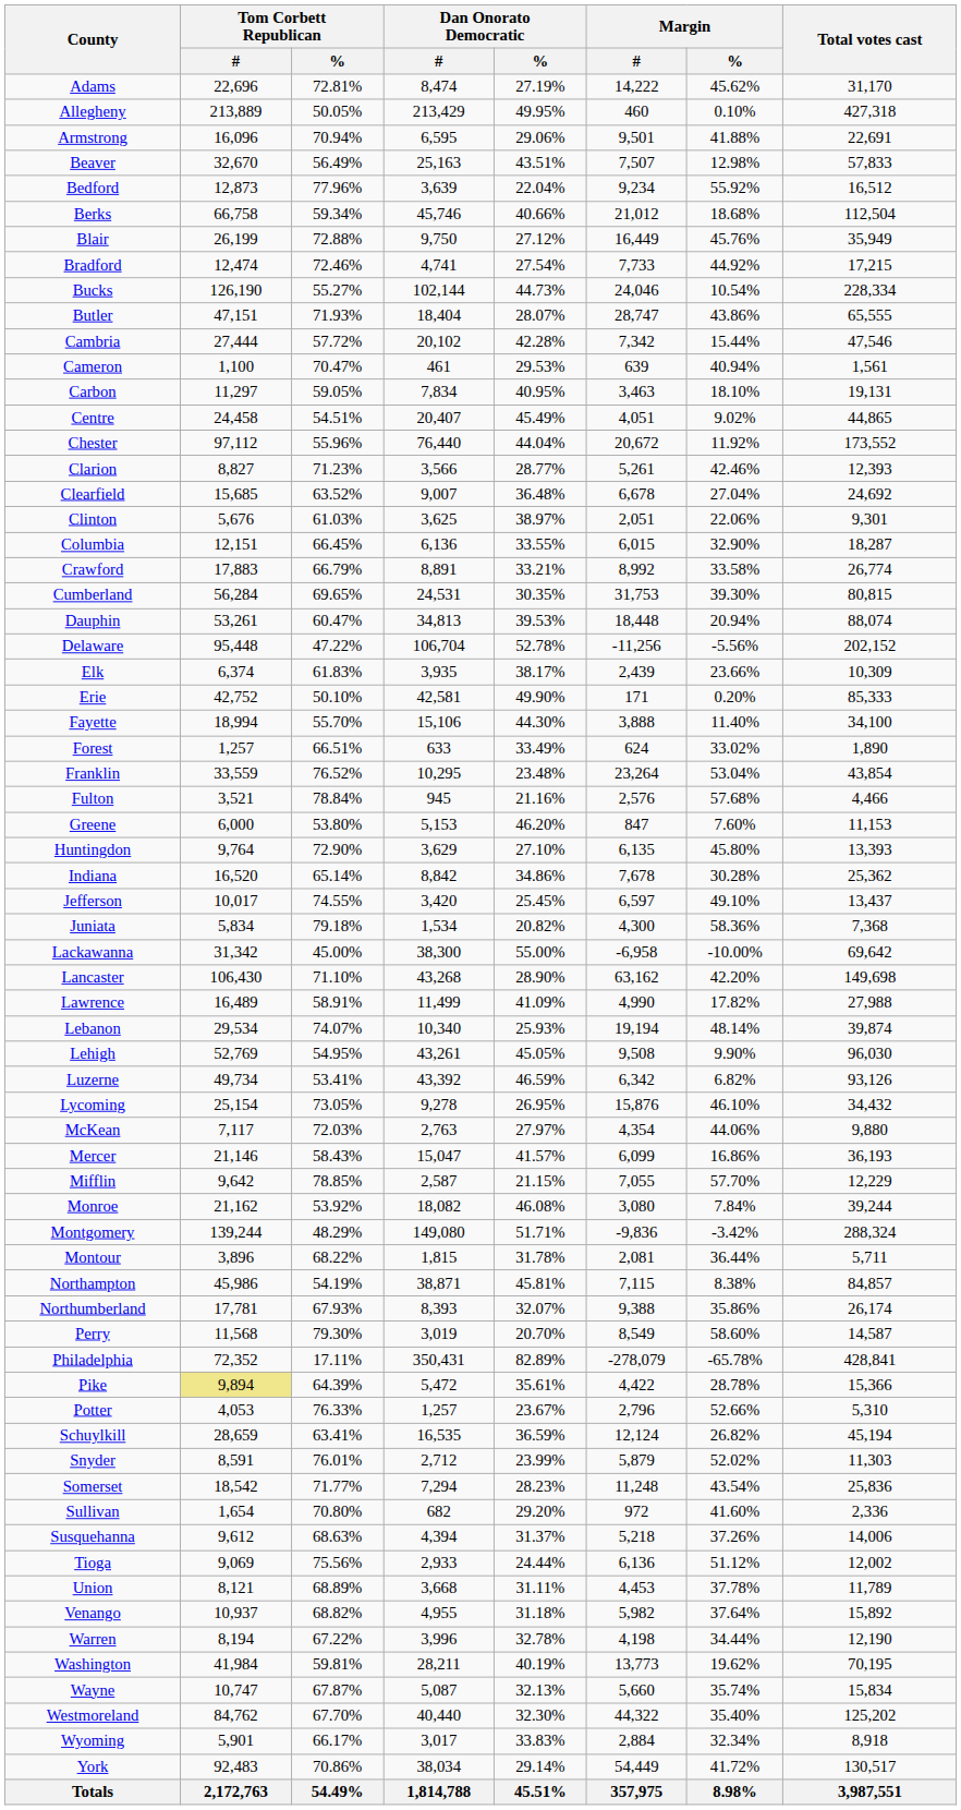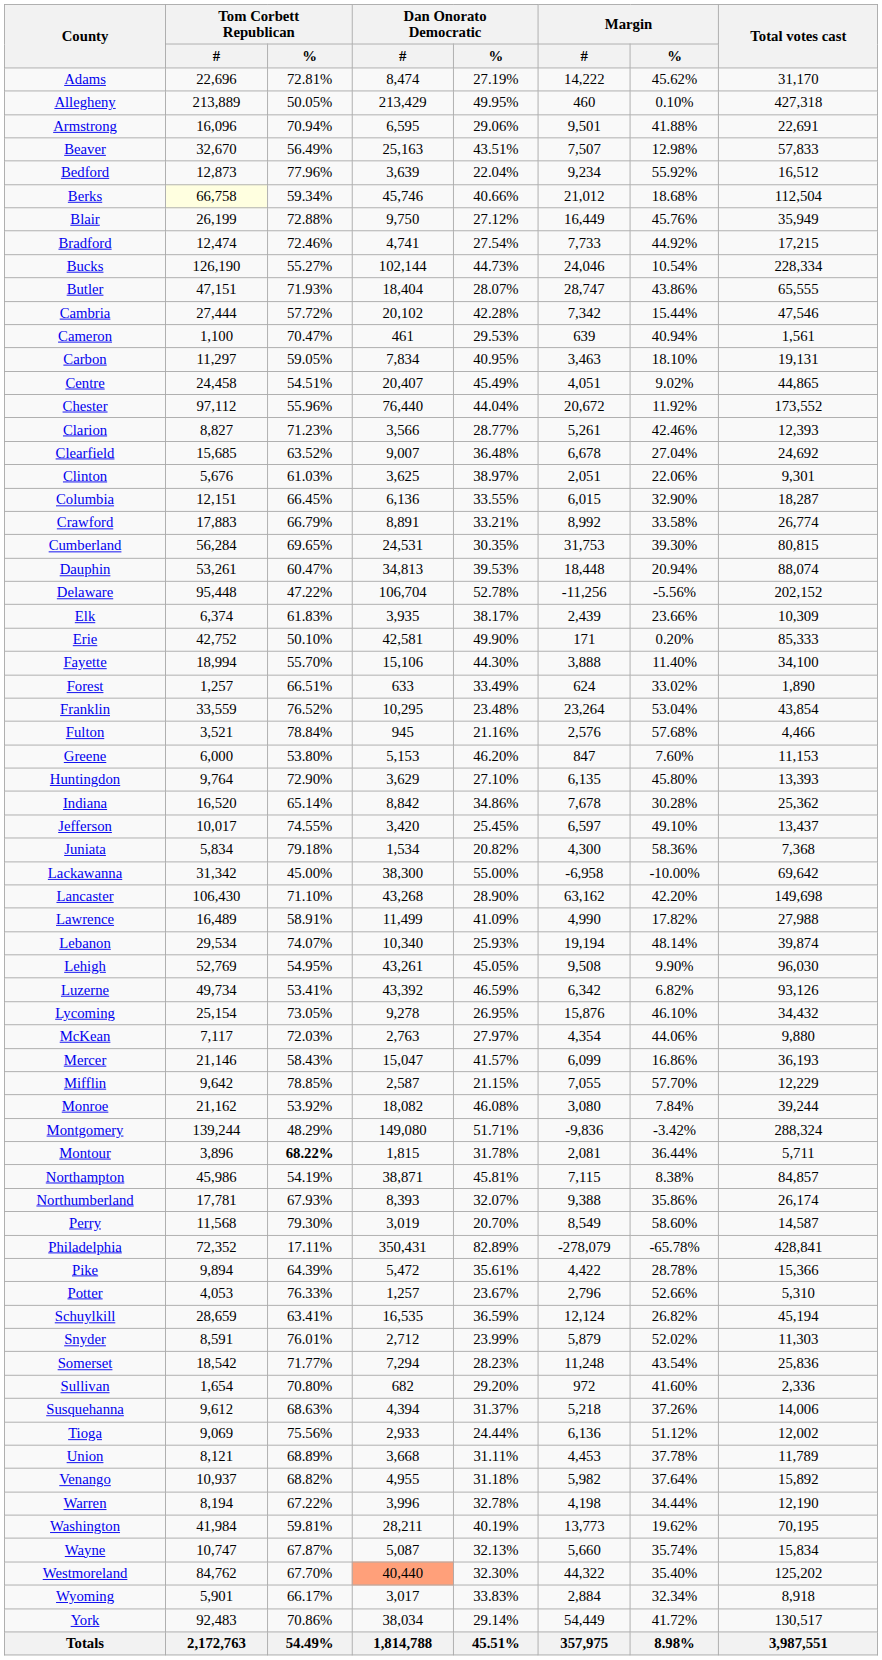 <table width="60%"  class="wikitable sortable" style="text-align:center">
 <tr>
 <th style="text-align:center;" rowspan="2">County</th>
 <th style="text-align:center;" colspan="2">Tom Corbett<br>Republican</th>
 <th style="text-align:center;" colspan="2">Dan Onorato<br>Democratic</th>
 <th style="text-align:center;" colspan="2">Margin</th>
 <th style="text-align:center;" rowspan="2">Total votes cast</th>
 </tr>
 <tr>
 <th style="text-align:center;" data-sort-type="number">#</th>
 <th style="text-align:center;" data-sort-type="number">%</th>
 <th style="text-align:center;" data-sort-type="number">#</th>
 <th style="text-align:center;" data-sort-type="number">%</th>
 <th style="text-align:center;" data-sort-type="number">#</th>
 <th style="text-align:center;" data-sort-type="number">%</th>
 </tr>
 <tr style="text-align:center;">
 <td><a href='#'>Adams</a></td>
 <td>22,696</td>
 <td>72.81%</td>
 <td>8,474</td>
 <td>27.19%</td>
 <td>14,222</td>
 <td>45.62%</td>
 <td>31,170</td>
 </tr>
 <tr style="text-align:center;">
 <td><a href='#'>Allegheny</a></td>
 <td>213,889</td>
 <td>50.05%</td>
 <td>213,429</td>
 <td>49.95%</td>
 <td>460</td>
 <td>0.10%</td>
 <td>427,318</td>
 </tr>
 <tr style="text-align:center;">
 <td><a href='#'>Armstrong</a></td>
 <td>16,096</td>
 <td>70.94%</td>
 <td>6,595</td>
 <td>29.06%</td>
 <td>9,501</td>
 <td>41.88%</td>
 <td>22,691</td>
 </tr>
 <tr style="text-align:center;">
 <td><a href='#'>Beaver</a></td>
 <td>32,670</td>
 <td>56.49%</td>
 <td>25,163</td>
 <td>43.51%</td>
 <td>7,507</td>
 <td>12.98%</td>
 <td>57,833</td>
 </tr>
 <tr style="text-align:center;">
 <td><a href='#'>Bedford</a></td>
 <td>12,873</td>
 <td>77.96%</td>
 <td>3,639</td>
 <td>22.04%</td>
 <td>9,234</td>
 <td>55.92%</td>
 <td>16,512</td>
 </tr>
 <tr style="text-align:center;">
 <td><a href='#'>Berks</a></td>
-<td>66,758</td>
+<td style="background: lightyellow;">66,758</td>
 <td>59.34%</td>
 <td>45,746</td>
 <td>40.66%</td>
 <td>21,012</td>
 <td>18.68%</td>
 <td>112,504</td>
 </tr>
 <tr style="text-align:center;">
 <td><a href='#'>Blair</a></td>
 <td>26,199</td>
 <td>72.88%</td>
 <td>9,750</td>
 <td>27.12%</td>
 <td>16,449</td>
 <td>45.76%</td>
 <td>35,949</td>
 </tr>
 <tr style="text-align:center;">
 <td><a href='#'>Bradford</a></td>
 <td>12,474</td>
 <td>72.46%</td>
 <td>4,741</td>
 <td>27.54%</td>
 <td>7,733</td>
 <td>44.92%</td>
 <td>17,215</td>
 </tr>
 <tr style="text-align:center;">
 <td><a href='#'>Bucks</a></td>
 <td>126,190</td>
 <td>55.27%</td>
 <td>102,144</td>
 <td>44.73%</td>
 <td>24,046</td>
 <td>10.54%</td>
 <td>228,334</td>
 </tr>
 <tr style="text-align:center;">
 <td><a href='#'>Butler</a></td>
 <td>47,151</td>
 <td>71.93%</td>
 <td>18,404</td>
 <td>28.07%</td>
 <td>28,747</td>
 <td>43.86%</td>
 <td>65,555</td>
 </tr>
 <tr style="text-align:center;">
 <td><a href='#'>Cambria</a></td>
 <td>27,444</td>
 <td>57.72%</td>
 <td>20,102</td>
 <td>42.28%</td>
 <td>7,342</td>
 <td>15.44%</td>
 <td>47,546</td>
 </tr>
 <tr style="text-align:center;">
 <td><a href='#'>Cameron</a></td>
 <td>1,100</td>
 <td>70.47%</td>
 <td>461</td>
 <td>29.53%</td>
 <td>639</td>
 <td>40.94%</td>
 <td>1,561</td>
 </tr>
 <tr style="text-align:center;">
 <td><a href='#'>Carbon</a></td>
 <td>11,297</td>
 <td>59.05%</td>
 <td>7,834</td>
 <td>40.95%</td>
 <td>3,463</td>
 <td>18.10%</td>
 <td>19,131</td>
 </tr>
 <tr style="text-align:center;">
 <td><a href='#'>Centre</a></td>
 <td>24,458</td>
 <td>54.51%</td>
 <td>20,407</td>
 <td>45.49%</td>
 <td>4,051</td>
 <td>9.02%</td>
 <td>44,865</td>
 </tr>
 <tr style="text-align:center;">
 <td><a href='#'>Chester</a></td>
 <td>97,112</td>
 <td>55.96%</td>
 <td>76,440</td>
 <td>44.04%</td>
 <td>20,672</td>
 <td>11.92%</td>
 <td>173,552</td>
 </tr>
 <tr style="text-align:center;">
 <td><a href='#'>Clarion</a></td>
 <td>8,827</td>
 <td>71.23%</td>
 <td>3,566</td>
 <td>28.77%</td>
 <td>5,261</td>
 <td>42.46%</td>
 <td>12,393</td>
 </tr>
 <tr style="text-align:center;">
 <td><a href='#'>Clearfield</a></td>
 <td>15,685</td>
 <td>63.52%</td>
 <td>9,007</td>
 <td>36.48%</td>
 <td>6,678</td>
 <td>27.04%</td>
 <td>24,692</td>
 </tr>
 <tr style="text-align:center;">
 <td><a href='#'>Clinton</a></td>
 <td>5,676</td>
 <td>61.03%</td>
 <td>3,625</td>
 <td>38.97%</td>
 <td>2,051</td>
 <td>22.06%</td>
 <td>9,301</td>
 </tr>
 <tr style="text-align:center;">
 <td><a href='#'>Columbia</a></td>
 <td>12,151</td>
 <td>66.45%</td>
 <td>6,136</td>
 <td>33.55%</td>
 <td>6,015</td>
 <td>32.90%</td>
 <td>18,287</td>
 </tr>
 <tr style="text-align:center;">
 <td><a href='#'>Crawford</a></td>
 <td>17,883</td>
 <td>66.79%</td>
 <td>8,891</td>
 <td>33.21%</td>
 <td>8,992</td>
 <td>33.58%</td>
 <td>26,774</td>
 </tr>
 <tr style="text-align:center;">
 <td><a href='#'>Cumberland</a></td>
 <td>56,284</td>
 <td>69.65%</td>
 <td>24,531</td>
 <td>30.35%</td>
 <td>31,753</td>
 <td>39.30%</td>
 <td>80,815</td>
 </tr>
 <tr style="text-align:center;">
 <td><a href='#'>Dauphin</a></td>
 <td>53,261</td>
 <td>60.47%</td>
 <td>34,813</td>
 <td>39.53%</td>
 <td>18,448</td>
 <td>20.94%</td>
 <td>88,074</td>
 </tr>
 <tr style="text-align:center;">
 <td><a href='#'>Delaware</a></td>
 <td>95,448</td>
 <td>47.22%</td>
 <td>106,704</td>
 <td>52.78%</td>
 <td>-11,256</td>
 <td>-5.56%</td>
 <td>202,152</td>
 </tr>
 <tr style="text-align:center;">
 <td><a href='#'>Elk</a></td>
 <td>6,374</td>
 <td>61.83%</td>
 <td>3,935</td>
 <td>38.17%</td>
 <td>2,439</td>
 <td>23.66%</td>
 <td>10,309</td>
 </tr>
 <tr style="text-align:center;">
 <td><a href='#'>Erie</a></td>
 <td>42,752</td>
 <td>50.10%</td>
 <td>42,581</td>
 <td>49.90%</td>
 <td>171</td>
 <td>0.20%</td>
 <td>85,333</td>
 </tr>
 <tr style="text-align:center;">
 <td><a href='#'>Fayette</a></td>
 <td>18,994</td>
 <td>55.70%</td>
 <td>15,106</td>
 <td>44.30%</td>
 <td>3,888</td>
 <td>11.40%</td>
 <td>34,100</td>
 </tr>
 <tr style="text-align:center;">
 <td><a href='#'>Forest</a></td>
 <td>1,257</td>
 <td>66.51%</td>
 <td>633</td>
 <td>33.49%</td>
 <td>624</td>
 <td>33.02%</td>
 <td>1,890</td>
 </tr>
 <tr style="text-align:center;">
 <td><a href='#'>Franklin</a></td>
 <td>33,559</td>
 <td>76.52%</td>
 <td>10,295</td>
 <td>23.48%</td>
 <td>23,264</td>
 <td>53.04%</td>
 <td>43,854</td>
 </tr>
 <tr style="text-align:center;">
 <td><a href='#'>Fulton</a></td>
 <td>3,521</td>
 <td>78.84%</td>
 <td>945</td>
 <td>21.16%</td>
 <td>2,576</td>
 <td>57.68%</td>
 <td>4,466</td>
 </tr>
 <tr style="text-align:center;">
 <td><a href='#'>Greene</a></td>
 <td>6,000</td>
 <td>53.80%</td>
 <td>5,153</td>
 <td>46.20%</td>
 <td>847</td>
 <td>7.60%</td>
 <td>11,153</td>
 </tr>
 <tr style="text-align:center;">
 <td><a href='#'>Huntingdon</a></td>
 <td>9,764</td>
 <td>72.90%</td>
 <td>3,629</td>
 <td>27.10%</td>
 <td>6,135</td>
 <td>45.80%</td>
 <td>13,393</td>
 </tr>
 <tr style="text-align:center;">
 <td><a href='#'>Indiana</a></td>
 <td>16,520</td>
 <td>65.14%</td>
 <td>8,842</td>
 <td>34.86%</td>
 <td>7,678</td>
 <td>30.28%</td>
 <td>25,362</td>
 </tr>
 <tr style="text-align:center;">
 <td><a href='#'>Jefferson</a></td>
 <td>10,017</td>
 <td>74.55%</td>
 <td>3,420</td>
 <td>25.45%</td>
 <td>6,597</td>
 <td>49.10%</td>
 <td>13,437</td>
 </tr>
 <tr style="text-align:center;">
 <td><a href='#'>Juniata</a></td>
 <td>5,834</td>
 <td>79.18%</td>
 <td>1,534</td>
 <td>20.82%</td>
 <td>4,300</td>
 <td>58.36%</td>
 <td>7,368</td>
 </tr>
 <tr style="text-align:center;">
 <td><a href='#'>Lackawanna</a></td>
 <td>31,342</td>
 <td>45.00%</td>
 <td>38,300</td>
 <td>55.00%</td>
 <td>-6,958</td>
 <td>-10.00%</td>
 <td>69,642</td>
 </tr>
 <tr style="text-align:center;">
 <td><a href='#'>Lancaster</a></td>
 <td>106,430</td>
 <td>71.10%</td>
 <td>43,268</td>
 <td>28.90%</td>
 <td>63,162</td>
 <td>42.20%</td>
 <td>149,698</td>
 </tr>
 <tr style="text-align:center;">
 <td><a href='#'>Lawrence</a></td>
 <td>16,489</td>
 <td>58.91%</td>
 <td>11,499</td>
 <td>41.09%</td>
 <td>4,990</td>
 <td>17.82%</td>
 <td>27,988</td>
 </tr>
 <tr style="text-align:center;">
 <td><a href='#'>Lebanon</a></td>
 <td>29,534</td>
 <td>74.07%</td>
 <td>10,340</td>
 <td>25.93%</td>
 <td>19,194</td>
 <td>48.14%</td>
 <td>39,874</td>
 </tr>
 <tr style="text-align:center;">
 <td><a href='#'>Lehigh</a></td>
 <td>52,769</td>
 <td>54.95%</td>
 <td>43,261</td>
 <td>45.05%</td>
 <td>9,508</td>
 <td>9.90%</td>
 <td>96,030</td>
 </tr>
 <tr style="text-align:center;">
 <td><a href='#'>Luzerne</a></td>
 <td>49,734</td>
 <td>53.41%</td>
 <td>43,392</td>
 <td>46.59%</td>
 <td>6,342</td>
 <td>6.82%</td>
 <td>93,126</td>
 </tr>
 <tr style="text-align:center;">
 <td><a href='#'>Lycoming</a></td>
 <td>25,154</td>
 <td>73.05%</td>
 <td>9,278</td>
 <td>26.95%</td>
 <td>15,876</td>
 <td>46.10%</td>
 <td>34,432</td>
 </tr>
 <tr style="text-align:center;">
 <td><a href='#'>McKean</a></td>
 <td>7,117</td>
 <td>72.03%</td>
 <td>2,763</td>
 <td>27.97%</td>
 <td>4,354</td>
 <td>44.06%</td>
 <td>9,880</td>
 </tr>
 <tr style="text-align:center;">
 <td><a href='#'>Mercer</a></td>
 <td>21,146</td>
 <td>58.43%</td>
 <td>15,047</td>
 <td>41.57%</td>
 <td>6,099</td>
 <td>16.86%</td>
 <td>36,193</td>
 </tr>
 <tr style="text-align:center;">
 <td><a href='#'>Mifflin</a></td>
 <td>9,642</td>
 <td>78.85%</td>
 <td>2,587</td>
 <td>21.15%</td>
 <td>7,055</td>
 <td>57.70%</td>
 <td>12,229</td>
 </tr>
 <tr style="text-align:center;">
 <td><a href='#'>Monroe</a></td>
 <td>21,162</td>
 <td>53.92%</td>
 <td>18,082</td>
 <td>46.08%</td>
 <td>3,080</td>
 <td>7.84%</td>
 <td>39,244</td>
 </tr>
 <tr style="text-align:center;">
 <td><a href='#'>Montgomery</a></td>
 <td>139,244</td>
 <td>48.29%</td>
 <td>149,080</td>
 <td>51.71%</td>
 <td>-9,836</td>
 <td>-3.42%</td>
 <td>288,324</td>
 </tr>
 <tr style="text-align:center;">
 <td><a href='#'>Montour</a></td>
 <td>3,896</td>
-<td>68.22%</td>
+<td><strong>68.22%</strong></td>
 <td>1,815</td>
 <td>31.78%</td>
 <td>2,081</td>
 <td>36.44%</td>
 <td>5,711</td>
 </tr>
 <tr style="text-align:center;">
 <td><a href='#'>Northampton</a></td>
 <td>45,986</td>
 <td>54.19%</td>
 <td>38,871</td>
 <td>45.81%</td>
 <td>7,115</td>
 <td>8.38%</td>
 <td>84,857</td>
 </tr>
 <tr style="text-align:center;">
 <td><a href='#'>Northumberland</a></td>
 <td>17,781</td>
 <td>67.93%</td>
 <td>8,393</td>
 <td>32.07%</td>
 <td>9,388</td>
 <td>35.86%</td>
 <td>26,174</td>
 </tr>
 <tr style="text-align:center;">
 <td><a href='#'>Perry</a></td>
 <td>11,568</td>
 <td>79.30%</td>
 <td>3,019</td>
 <td>20.70%</td>
 <td>8,549</td>
 <td>58.60%</td>
 <td>14,587</td>
 </tr>
 <tr style="text-align:center;">
 <td><a href='#'>Philadelphia</a></td>
 <td>72,352</td>
 <td>17.11%</td>
 <td>350,431</td>
 <td>82.89%</td>
 <td>-278,079</td>
 <td>-65.78%</td>
 <td>428,841</td>
 </tr>
 <tr style="text-align:center;">
 <td><a href='#'>Pike</a></td>
-<td style="background: khaki;">9,894</td>
+<td>9,894</td>
 <td>64.39%</td>
 <td>5,472</td>
 <td>35.61%</td>
 <td>4,422</td>
 <td>28.78%</td>
 <td>15,366</td>
 </tr>
 <tr style="text-align:center;">
 <td><a href='#'>Potter</a></td>
 <td>4,053</td>
 <td>76.33%</td>
 <td>1,257</td>
 <td>23.67%</td>
 <td>2,796</td>
 <td>52.66%</td>
 <td>5,310</td>
 </tr>
 <tr style="text-align:center;">
 <td><a href='#'>Schuylkill</a></td>
 <td>28,659</td>
 <td>63.41%</td>
 <td>16,535</td>
 <td>36.59%</td>
 <td>12,124</td>
 <td>26.82%</td>
 <td>45,194</td>
 </tr>
 <tr style="text-align:center;">
 <td><a href='#'>Snyder</a></td>
 <td>8,591</td>
 <td>76.01%</td>
 <td>2,712</td>
 <td>23.99%</td>
 <td>5,879</td>
 <td>52.02%</td>
 <td>11,303</td>
 </tr>
 <tr style="text-align:center;">
 <td><a href='#'>Somerset</a></td>
 <td>18,542</td>
 <td>71.77%</td>
 <td>7,294</td>
 <td>28.23%</td>
 <td>11,248</td>
 <td>43.54%</td>
 <td>25,836</td>
 </tr>
 <tr style="text-align:center;">
 <td><a href='#'>Sullivan</a></td>
 <td>1,654</td>
 <td>70.80%</td>
 <td>682</td>
 <td>29.20%</td>
 <td>972</td>
 <td>41.60%</td>
 <td>2,336</td>
 </tr>
 <tr style="text-align:center;">
 <td><a href='#'>Susquehanna</a></td>
 <td>9,612</td>
 <td>68.63%</td>
 <td>4,394</td>
 <td>31.37%</td>
 <td>5,218</td>
 <td>37.26%</td>
 <td>14,006</td>
 </tr>
 <tr style="text-align:center;">
 <td><a href='#'>Tioga</a></td>
 <td>9,069</td>
 <td>75.56%</td>
 <td>2,933</td>
 <td>24.44%</td>
 <td>6,136</td>
 <td>51.12%</td>
 <td>12,002</td>
 </tr>
 <tr style="text-align:center;">
 <td><a href='#'>Union</a></td>
 <td>8,121</td>
 <td>68.89%</td>
 <td>3,668</td>
 <td>31.11%</td>
 <td>4,453</td>
 <td>37.78%</td>
 <td>11,789</td>
 </tr>
 <tr style="text-align:center;">
 <td><a href='#'>Venango</a></td>
 <td>10,937</td>
 <td>68.82%</td>
 <td>4,955</td>
 <td>31.18%</td>
 <td>5,982</td>
 <td>37.64%</td>
 <td>15,892</td>
 </tr>
 <tr style="text-align:center;">
 <td><a href='#'>Warren</a></td>
 <td>8,194</td>
 <td>67.22%</td>
 <td>3,996</td>
 <td>32.78%</td>
 <td>4,198</td>
 <td>34.44%</td>
 <td>12,190</td>
 </tr>
 <tr style="text-align:center;">
 <td><a href='#'>Washington</a></td>
 <td>41,984</td>
 <td>59.81%</td>
 <td>28,211</td>
 <td>40.19%</td>
 <td>13,773</td>
 <td>19.62%</td>
 <td>70,195</td>
 </tr>
 <tr style="text-align:center;">
 <td><a href='#'>Wayne</a></td>
 <td>10,747</td>
 <td>67.87%</td>
 <td>5,087</td>
 <td>32.13%</td>
 <td>5,660</td>
 <td>35.74%</td>
 <td>15,834</td>
 </tr>
 <tr style="text-align:center;">
 <td><a href='#'>Westmoreland</a></td>
 <td>84,762</td>
 <td>67.70%</td>
-<td>40,440</td>
+<td style="background: lightsalmon;">40,440</td>
 <td>32.30%</td>
 <td>44,322</td>
 <td>35.40%</td>
 <td>125,202</td>
 </tr>
 <tr style="text-align:center;">
 <td><a href='#'>Wyoming</a></td>
 <td>5,901</td>
 <td>66.17%</td>
 <td>3,017</td>
 <td>33.83%</td>
 <td>2,884</td>
 <td>32.34%</td>
 <td>8,918</td>
 </tr>
 <tr style="text-align:center;">
 <td><a href='#'>York</a></td>
 <td>92,483</td>
 <td>70.86%</td>
 <td>38,034</td>
 <td>29.14%</td>
 <td>54,449</td>
 <td>41.72%</td>
 <td>130,517</td>
 </tr>
 <tr style="text-align:center;">
 <th>Totals</th>
 <th>2,172,763</th>
 <th>54.49%</th>
 <th>1,814,788</th>
 <th>45.51%</th>
 <th>357,975</th>
 <th>8.98%</th>
 <th>3,987,551</th>
 </tr>
 </table>
